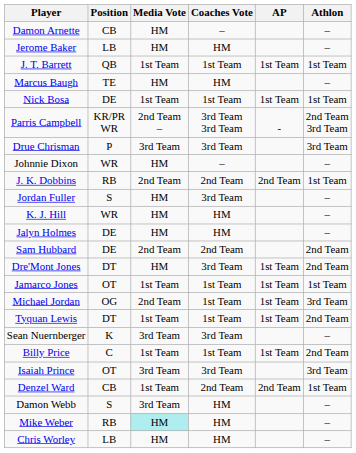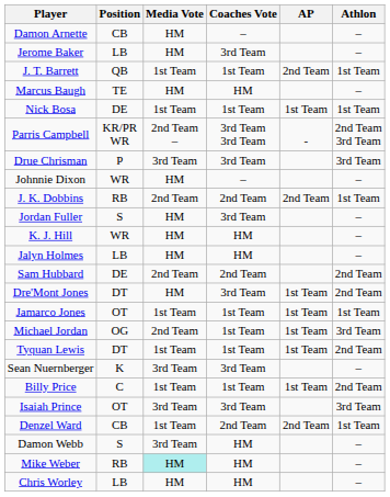 <table class="wikitable sortable sortable" style="text-align: center">
 <tr>
 <th>Player</th>
 <th>Position</th>
 <th>Media Vote</th>
 <th>Coaches Vote</th>
 <th>AP</th>
 <th>Athlon</th>
 </tr>
 <tr>
 <td><a href='#'>Damon Arnette</a></td>
 <td>CB</td>
 <td>HM</td>
 <td>–</td>
 <td></td>
 <td>–</td>
 </tr>
 <tr>
 <td><a href='#'>Jerome Baker</a></td>
 <td>LB</td>
 <td>HM</td>
-<td>HM</td>
+<td>3rd Team</td>
 <td></td>
 <td>–</td>
 </tr>
 <tr>
 <td><a href='#'>J. T. Barrett</a></td>
 <td>QB</td>
 <td>1st Team</td>
 <td>1st Team</td>
-<td>1st Team</td>
+<td>2nd Team</td>
 <td>1st Team</td>
 </tr>
 <tr>
 <td><a href='#'>Marcus Baugh</a></td>
 <td>TE</td>
 <td>HM</td>
 <td>HM</td>
 <td></td>
 <td>–</td>
 </tr>
 <tr>
 <td><a href='#'>Nick Bosa</a></td>
 <td>DE</td>
 <td>1st Team</td>
 <td>1st Team</td>
 <td>1st Team</td>
 <td>1st Team</td>
 </tr>
 <tr>
 <td><a href='#'>Parris Campbell</a></td>
 <td>KR/PR <br> WR</td>
 <td>2nd Team <br> –</td>
 <td>3rd Team<br>3rd Team</td>
 <td><br>-</td>
 <td>2nd Team<br>3rd Team</td>
 </tr>
 <tr>
 <td><a href='#'>Drue Chrisman</a></td>
 <td>P</td>
 <td>3rd Team</td>
 <td>3rd Team</td>
 <td></td>
 <td>3rd Team</td>
 </tr>
 <tr>
 <td>Johnnie Dixon</td>
 <td>WR</td>
 <td>HM</td>
 <td>–</td>
 <td></td>
 <td>–</td>
 </tr>
 <tr>
 <td><a href='#'>J. K. Dobbins</a></td>
 <td>RB</td>
 <td>2nd Team</td>
 <td>2nd Team</td>
 <td>2nd Team</td>
 <td>1st Team</td>
 </tr>
 <tr>
 <td><a href='#'>Jordan Fuller</a></td>
 <td>S</td>
 <td>HM</td>
 <td>3rd Team</td>
 <td></td>
 <td>–</td>
 </tr>
 <tr>
 <td><a href='#'>K. J. Hill</a></td>
 <td>WR</td>
 <td>HM</td>
 <td>HM</td>
 <td></td>
 <td>–</td>
 </tr>
 <tr>
 <td><a href='#'>Jalyn Holmes</a></td>
-<td>DE</td>
+<td>LB</td>
 <td>HM</td>
 <td>HM</td>
 <td></td>
 <td>–</td>
 </tr>
 <tr>
 <td><a href='#'>Sam Hubbard</a></td>
 <td>DE</td>
 <td>2nd Team</td>
 <td>2nd Team</td>
 <td></td>
 <td>2nd Team</td>
 </tr>
 <tr>
 <td><a href='#'>Dre'Mont Jones</a></td>
 <td>DT</td>
 <td>HM</td>
 <td>3rd Team</td>
 <td>1st Team</td>
 <td>2nd Team</td>
 </tr>
 <tr>
 <td><a href='#'>Jamarco Jones</a></td>
 <td>OT</td>
 <td>1st Team</td>
 <td>1st Team</td>
 <td>1st Team</td>
 <td>1st Team</td>
 </tr>
 <tr>
 <td><a href='#'>Michael Jordan</a></td>
 <td>OG</td>
 <td>2nd Team</td>
 <td>1st Team</td>
 <td>1st Team</td>
 <td>3rd Team</td>
 </tr>
 <tr>
 <td><a href='#'>Tyquan Lewis</a></td>
 <td>DT</td>
 <td>1st Team</td>
 <td>1st Team</td>
 <td>1st Team</td>
 <td>2nd Team</td>
 </tr>
 <tr>
 <td>Sean Nuernberger</td>
 <td>K</td>
 <td>3rd Team</td>
 <td>3rd Team</td>
 <td></td>
 <td>–</td>
 </tr>
 <tr>
 <td><a href='#'>Billy Price</a></td>
 <td>C</td>
 <td>1st Team</td>
 <td>1st Team</td>
 <td>1st Team</td>
 <td>2nd Team</td>
 </tr>
 <tr>
 <td><a href='#'>Isaiah Prince</a></td>
 <td>OT</td>
 <td>3rd Team</td>
 <td>3rd Team</td>
 <td></td>
 <td>3rd Team</td>
 </tr>
 <tr>
 <td><a href='#'>Denzel Ward</a></td>
 <td>CB</td>
 <td>1st Team</td>
 <td>2nd Team</td>
 <td>2nd Team</td>
 <td>1st Team</td>
 </tr>
 <tr>
 <td>Damon Webb</td>
 <td>S</td>
 <td>3rd Team</td>
 <td>HM</td>
 <td></td>
 <td>–</td>
 </tr>
 <tr>
 <td><a href='#'>Mike Weber</a></td>
 <td>RB</td>
 <td style="background: paleturquoise;">HM</td>
 <td>HM</td>
 <td></td>
 <td>–</td>
 </tr>
 <tr>
 <td><a href='#'>Chris Worley</a></td>
 <td>LB</td>
 <td>HM</td>
 <td>HM</td>
 <td></td>
 <td>–</td>
 </tr>
 </table>
